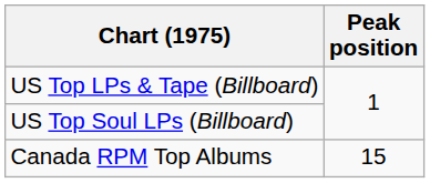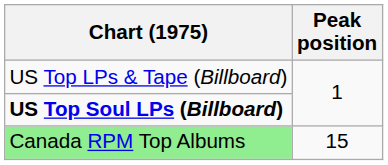 <table class="wikitable">
 <tr>
 <th>Chart (1975)</th>
 <th>Peak<br>position</th>
 </tr>
 <tr>
 <td>US <a href='#'>Top LPs & Tape</a> (<em>Billboard</em>)</td>
 <td style="text-align:center;" rowspan="2">1</td>
 </tr>
 <tr>
-<td>US <a href='#'>Top Soul LPs</a> (<em>Billboard</em>)</td>
+<td><strong>US <a href='#'>Top Soul LPs</a> (<em>Billboard</em>)</strong></td>
 </tr>
 <tr>
-<td>Canada <a href='#'>RPM</a> Top Albums</td>
+<td style="background: lightgreen;">Canada <a href='#'>RPM</a> Top Albums</td>
 <td style="text-align:center;" rowspan="2">15</td>
 </tr>
 </table>
